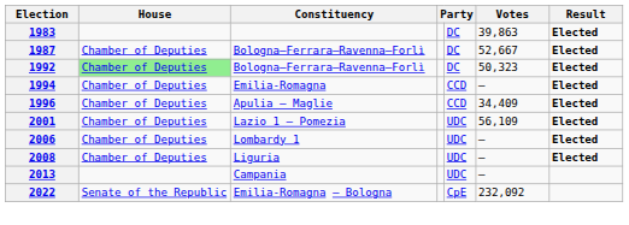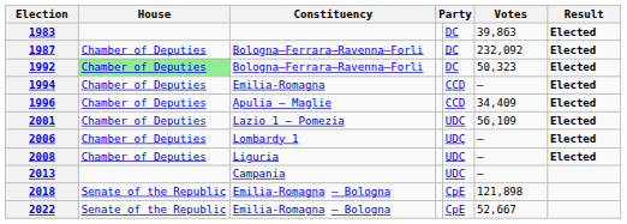 <table class=wikitable style="width:58%; border:1px #AAAAFF solid">
 <tr>
 <th width=12%>Election</th>
 <th width=25%>House</th>
 <th width=34%>Constituency</th>
 <th width=5% colspan="2">Party</th>
 <th width=12%>Votes</th>
 <th width=12%>Result</th>
 </tr>
 <tr>
 <th><a href='#'>1983</a></th>
 <td></td>
 <td></td>
 <td></td>
 <td><a href='#'>DC</a></td>
 <td>39,863</td>
 <td> <strong>Elected</strong></td>
 </tr>
 <tr>
 <th><a href='#'>1987</a></th>
 <td><a href='#'>Chamber of Deputies</a></td>
 <td><a href='#'>Bologna–Ferrara–Ravenna–Forlì</a></td>
 <td></td>
 <td><a href='#'>DC</a></td>
-<td>52,667</td>
+<td>232,092</td>
 <td> <strong>Elected</strong></td>
 </tr>
 <tr>
 <th><a href='#'>1992</a></th>
 <td style="background: lightgreen;"><a href='#'>Chamber of Deputies</a></td>
 <td><a href='#'>Bologna–Ferrara–Ravenna–Forlì</a></td>
 <td></td>
 <td><a href='#'>DC</a></td>
 <td>50,323</td>
 <td> <strong>Elected</strong></td>
 </tr>
 <tr>
 <th><a href='#'>1994</a></th>
 <td><a href='#'>Chamber of Deputies</a></td>
 <td><a href='#'>Emilia-Romagna</a></td>
 <td></td>
 <td><a href='#'>CCD</a></td>
 <td>–</td>
 <td> <strong>Elected</strong></td>
 </tr>
 <tr>
 <th><a href='#'>1996</a></th>
 <td><a href='#'>Chamber of Deputies</a></td>
 <td><a href='#'>Apulia – Maglie</a></td>
 <td></td>
 <td><a href='#'>CCD</a></td>
 <td>34,409</td>
 <td> <strong>Elected</strong></td>
 </tr>
 <tr>
 <th><a href='#'>2001</a></th>
 <td><a href='#'>Chamber of Deputies</a></td>
 <td><a href='#'>Lazio 1 – Pomezia</a></td>
 <td></td>
 <td><a href='#'>UDC</a></td>
 <td>56,109</td>
 <td> <strong>Elected</strong></td>
 </tr>
 <tr>
 <th><a href='#'>2006</a></th>
 <td><a href='#'>Chamber of Deputies</a></td>
 <td><a href='#'>Lombardy 1</a></td>
 <td></td>
 <td><a href='#'>UDC</a></td>
 <td>–</td>
 <td> <strong>Elected</strong></td>
 </tr>
 <tr>
 <th><a href='#'>2008</a></th>
 <td><a href='#'>Chamber of Deputies</a></td>
 <td><a href='#'>Liguria</a></td>
 <td></td>
 <td><a href='#'>UDC</a></td>
 <td>–</td>
 <td> <strong>Elected</strong></td>
 </tr>
 <tr>
 <th><a href='#'>2013</a></th>
 <td></td>
 <td><a href='#'>Campania</a></td>
 <td></td>
 <td><a href='#'>UDC</a></td>
 <td>–</td>
 <td></td>
 </tr>
 <tr>
+<th><a href='#'>2018</a></th>
+<td><a href='#'>Senate of the Republic</a></td>
+<td><a href='#'>Emilia-Romagna</a> <a href='#'>– Bologna</a></td>
+<td></td>
+<td><a href='#'>CpE</a></td>
+<td>121,898</td>
+<td></td>
+</tr>
+<tr>
 <th><a href='#'>2022</a></th>
 <td><a href='#'>Senate of the Republic</a></td>
 <td><a href='#'>Emilia-Romagna</a> <a href='#'>– Bologna</a></td>
 <td></td>
 <td><a href='#'>CpE</a></td>
-<td>232,092</td>
+<td>52,667</td>
 <td></td>
 </tr>
 </table>
